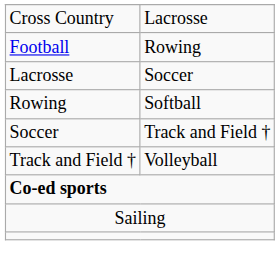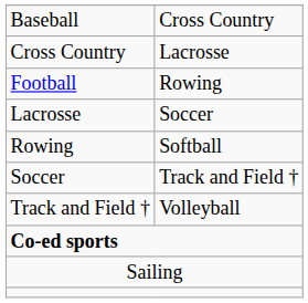 <table class="wikitable" style="float:center; clear:left; margin:0 0 1em 1em;">
 <tr>
 </tr>
 <tr>
+</tr>
+<tr>
+<td>Baseball</td>
+<td>Cross Country</td>
 </tr>
 <tr>
 <td>Cross Country</td>
 <td>Lacrosse</td>
 </tr>
 <tr>
 <td><a href='#'>Football</a></td>
 <td>Rowing</td>
 </tr>
 <tr>
 <td>Lacrosse</td>
 <td>Soccer</td>
 </tr>
 <tr>
 <td>Rowing</td>
 <td>Softball</td>
 </tr>
 <tr>
 <td>Soccer</td>
 <td>Track and Field †</td>
 </tr>
 <tr>
 <td>Track and Field †</td>
 <td>Volleyball</td>
 </tr>
 <tr>
 <td colspan="2"><strong>Co-ed sports</strong></td>
 </tr>
 <tr style="text-align:center">
 <td colspan="2">Sailing</td>
 </tr>
 <tr>
 <td colspan="2"></td>
 </tr>
 </table>
